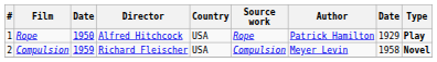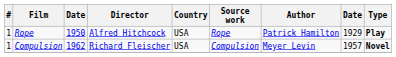 <table class="wikitable">
 <tr>
 <th>#</th>
 <th>Film</th>
 <th>Date</th>
 <th>Director</th>
 <th>Country</th>
 <th>Source<br>work</th>
 <th>Author</th>
 <th>Date</th>
 <th>Type</th>
 </tr>
 <tr>
 <td>1</td>
 <td><em><a href='#'>Rope</a></em></td>
 <td><a href='#'>1950</a></td>
 <td><a href='#'>Alfred Hitchcock</a></td>
 <td>USA</td>
 <td><em><a href='#'>Rope</a></em></td>
 <td><a href='#'>Patrick Hamilton</a></td>
 <td>1929</td>
 <td><strong>Play</strong></td>
 </tr>
 <tr>
-<td>2</td>
+<td>1</td>
 <td><em><a href='#'>Compulsion</a></em></td>
-<td><a href='#'>1959</a></td>
+<td><a href='#'>1962</a></td>
 <td><a href='#'>Richard Fleischer</a></td>
 <td>USA</td>
 <td><em><a href='#'>Compulsion</a></em></td>
 <td><a href='#'>Meyer Levin</a></td>
-<td>1958</td>
+<td>1957</td>
 <td><strong>Novel</strong></td>
 </tr>
 <tr>
 </tr>
 </table>
